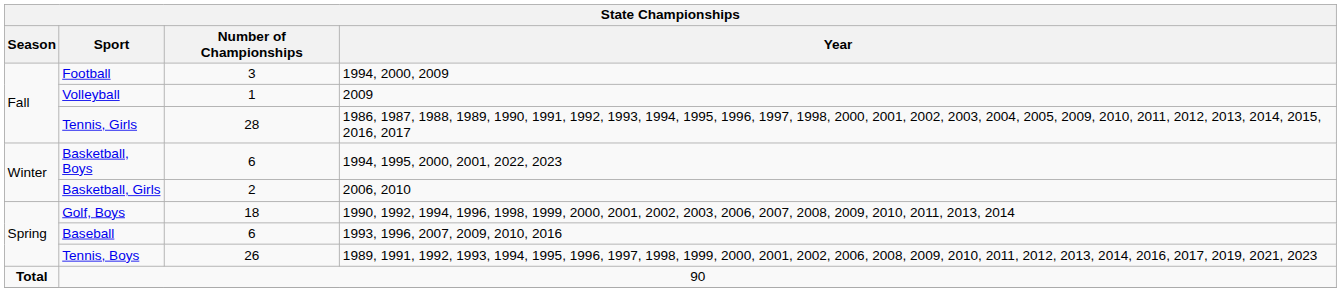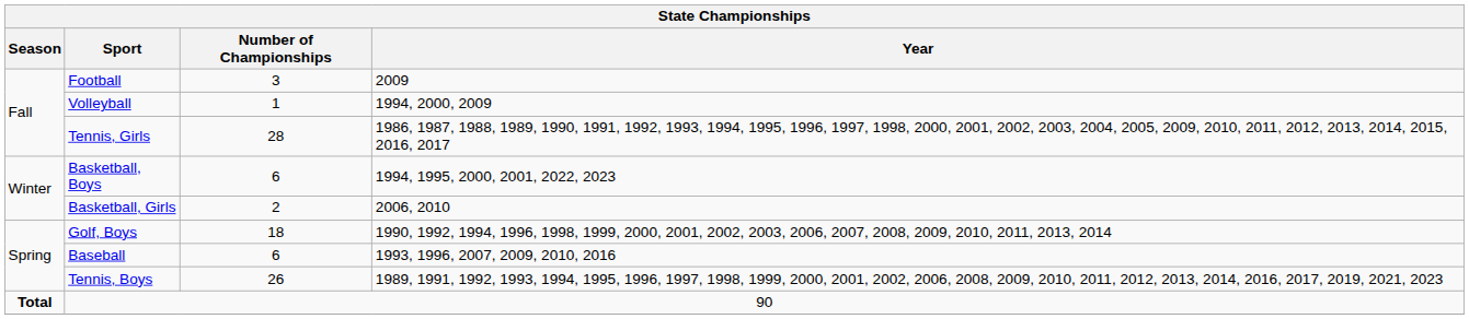 <table class="wikitable">
 <tr>
 <th colspan="4">State Championships</th>
 </tr>
 <tr>
 <th>Season</th>
 <th>Sport</th>
 <th>Number of Championships</th>
 <th>Year</th>
 </tr>
 <tr>
 <td rowspan="3">Fall</td>
 <td><a href='#'>Football</a></td>
 <td align="center">3</td>
-<td>1994, 2000, 2009</td>
+<td>2009</td>
 </tr>
 <tr>
 <td><a href='#'>Volleyball</a></td>
 <td align="center">1</td>
-<td>2009</td>
+<td>1994, 2000, 2009</td>
 </tr>
 <tr>
 <td><a href='#'>Tennis, Girls</a></td>
 <td align="center">28</td>
 <td>1986, 1987, 1988, 1989, 1990, 1991, 1992, 1993, 1994, 1995, 1996, 1997, 1998, 2000, 2001, 2002, 2003, 2004, 2005, 2009, 2010, 2011, 2012, 2013, 2014, 2015, 2016, 2017</td>
 </tr>
 <tr>
 <td rowspan="2">Winter</td>
 <td><a href='#'>Basketball, Boys</a></td>
 <td align="center">6</td>
 <td>1994, 1995, 2000, 2001, 2022, 2023</td>
 </tr>
 <tr>
 <td><a href='#'>Basketball, Girls</a></td>
 <td align="center">2</td>
 <td>2006, 2010</td>
 </tr>
 <tr>
 <td rowspan="3">Spring</td>
 <td><a href='#'>Golf, Boys</a></td>
 <td align="center">18</td>
 <td>1990, 1992, 1994, 1996, 1998, 1999, 2000, 2001, 2002, 2003, 2006, 2007, 2008, 2009, 2010, 2011, 2013, 2014</td>
 </tr>
 <tr>
 <td><a href='#'>Baseball</a></td>
 <td align="center">6</td>
 <td>1993, 1996, 2007, 2009, 2010, 2016</td>
 </tr>
 <tr>
 <td><a href='#'>Tennis, Boys</a></td>
 <td align="center">26</td>
 <td>1989, 1991, 1992, 1993, 1994, 1995, 1996, 1997, 1998, 1999, 2000, 2001, 2002, 2006, 2008, 2009, 2010, 2011, 2012, 2013, 2014, 2016, 2017, 2019, 2021, 2023</td>
 </tr>
 <tr>
 <td align="center" colspan="1"><strong>Total</strong></td>
 <td align="center" colspan='3'>90</td>
 </tr>
 <tr>
 </tr>
 </table>
